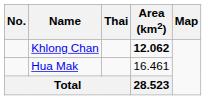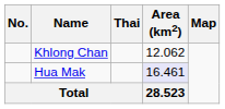 <table class="wikitable sortable">
 <tr>
 <th>No.</th>
 <th>Name</th>
 <th>Thai</th>
 <th>Area<br>(km<sup>2</sup>)</th>
 <th>Map</th>
 </tr>
 <tr>
 <td></td>
 <td><a href='#'>Khlong Chan</a></td>
 <td></td>
-<td><strong><div>12.062</div></strong></td>
+<td><div>12.062</div></td>
 <td rowspan=3></td>
 </tr>
 <tr>
 <td></td>
 <td><a href='#'>Hua Mak</a></td>
 <td></td>
-<td><div>16.461</div></td>
+<td style="background: lavender;"><div>16.461</div></td>
 </tr>
 <tr>
 <th colspan=3>Total</th>
 <th><div>28.523</div></th>
 </tr>
 </table>
